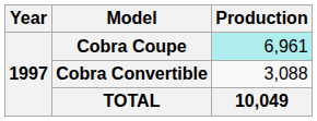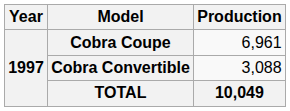 <table class=wikitable>
 <tr>
 <th>Year</th>
 <th>Model</th>
 <th>Production</th>
 </tr>
 <tr>
 <th rowspan=3>1997</th>
 <th align=right>Cobra Coupe</th>
-<td align=right style="background: paleturquoise;">6,961</td>
+<td align=right>6,961</td>
 </tr>
 <tr>
 <th align=right>Cobra Convertible</th>
 <td align=right>3,088</td>
 </tr>
 <tr>
 <th align=right>TOTAL</th>
 <th align=right>10,049</th>
 </tr>
 </table>
